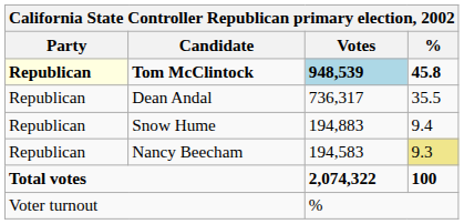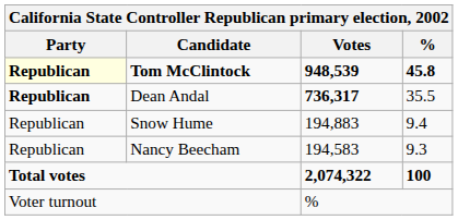 <table class="wikitable">
 <tr>
 <th colspan="4">California State Controller Republican primary election, 2002</th>
 </tr>
 <tr>
 <th>Party</th>
 <th>Candidate</th>
 <th>Votes</th>
 <th>%</th>
 </tr>
 <tr>
 <td style="background: lightyellow;"><strong>Republican</strong></td>
 <td><strong>Tom McClintock</strong></td>
-<td style="background: lightblue;"><strong>948,539</strong></td>
+<td><strong>948,539</strong></td>
 <td><strong>45.8</strong></td>
 </tr>
 <tr>
-<td>Republican</td>
+<td><strong>Republican</strong></td>
 <td>Dean Andal</td>
-<td>736,317</td>
+<td><strong>736,317</strong></td>
 <td>35.5</td>
 </tr>
 <tr>
 <td>Republican</td>
 <td>Snow Hume</td>
 <td>194,883</td>
 <td>9.4</td>
 </tr>
 <tr>
 <td>Republican</td>
 <td>Nancy Beecham</td>
 <td>194,583</td>
-<td style="background: khaki;">9.3</td>
+<td>9.3</td>
 </tr>
 <tr>
 <td colspan="2"><strong>Total votes</strong></td>
 <td><strong>2,074,322</strong></td>
 <td><strong>100</strong></td>
 </tr>
 <tr>
 <td colspan="2">Voter turnout</td>
 <td colspan="2">%</td>
 </tr>
 </table>
